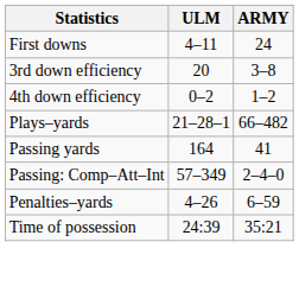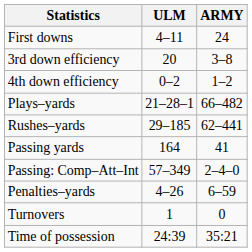 <table class="wikitable">
 <tr>
 <th>Statistics</th>
 <th>ULM</th>
 <th>ARMY</th>
 </tr>
 <tr>
 <td>First downs</td>
 <td align=center>4–11</td>
 <td align=center>24</td>
 </tr>
 <tr>
 <td>3rd down efficiency</td>
 <td align=center>20</td>
 <td align=center>3–8</td>
 </tr>
 <tr>
 <td>4th down efficiency</td>
 <td align=center>0–2</td>
 <td align=center>1–2</td>
 </tr>
 <tr>
 <td>Plays–yards</td>
 <td align=center>21–28–1</td>
 <td align=center>66–482</td>
 </tr>
 <tr>
+<td>Rushes–yards</td>
+<td align=center>29–185</td>
+<td align=center>62–441</td>
+</tr>
+<tr>
 <td>Passing yards</td>
 <td align=center>164</td>
 <td align=center>41</td>
 </tr>
 <tr>
 <td>Passing: Comp–Att–Int</td>
 <td align=center>57–349</td>
 <td align=center>2–4–0</td>
 </tr>
 <tr>
 <td>Penalties–yards</td>
 <td align=center>4–26</td>
 <td align=center>6–59</td>
 </tr>
 <tr>
+<td>Turnovers</td>
+<td align=center>1</td>
+<td align=center>0</td>
+</tr>
+<tr>
 <td>Time of possession</td>
 <td align=center>24:39</td>
 <td align=center>35:21</td>
 </tr>
 </table>
